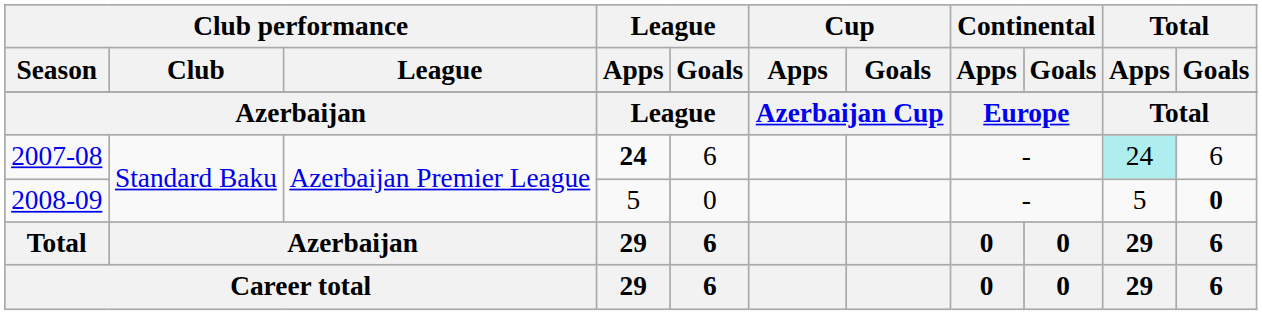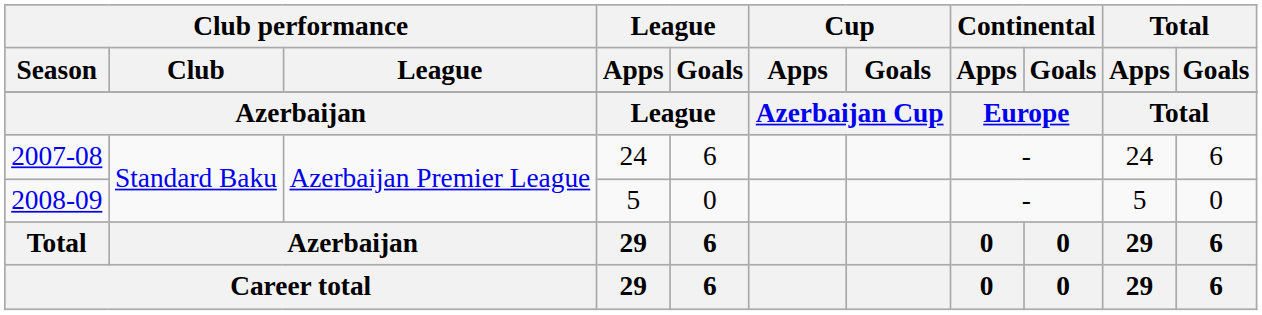 <table class="wikitable" style="text-align:center">
 <tr>
 <th colspan=3>Club performance</th>
 <th colspan=2>League</th>
 <th colspan=2>Cup</th>
 <th colspan=2>Continental</th>
 <th colspan=2>Total</th>
 </tr>
 <tr>
 <th>Season</th>
 <th>Club</th>
 <th>League</th>
 <th>Apps</th>
 <th>Goals</th>
 <th>Apps</th>
 <th>Goals</th>
 <th>Apps</th>
 <th>Goals</th>
 <th>Apps</th>
 <th>Goals</th>
 </tr>
 <tr>
 </tr>
 <tr>
 <th colspan=3>Azerbaijan</th>
 <th colspan=2>League</th>
 <th colspan=2><a href='#'>Azerbaijan Cup</a></th>
 <th colspan=2><a href='#'>Europe</a></th>
 <th colspan=2>Total</th>
 </tr>
 <tr>
 <td><a href='#'>2007-08</a></td>
 <td rowspan="2"><a href='#'>Standard Baku</a></td>
 <td rowspan="2"><a href='#'>Azerbaijan Premier League</a></td>
-<td><strong>24</strong></td>
+<td>24</td>
 <td>6</td>
 <td></td>
 <td></td>
 <td colspan="2">-</td>
-<td style="background: paleturquoise;">24</td>
+<td>24</td>
 <td>6</td>
 </tr>
 <tr>
 <td><a href='#'>2008-09</a></td>
 <td>5</td>
 <td>0</td>
 <td></td>
 <td></td>
 <td colspan="2">-</td>
 <td>5</td>
-<td><strong>0</strong></td>
+<td>0</td>
 </tr>
 <tr>
 <th rowspan=1>Total</th>
 <th colspan=2>Azerbaijan</th>
 <th>29</th>
 <th>6</th>
 <th></th>
 <th></th>
 <th>0</th>
 <th>0</th>
 <th>29</th>
 <th>6</th>
 </tr>
 <tr>
 <th colspan=3>Career total</th>
 <th>29</th>
 <th>6</th>
 <th></th>
 <th></th>
 <th>0</th>
 <th>0</th>
 <th>29</th>
 <th>6</th>
 </tr>
 </table>
